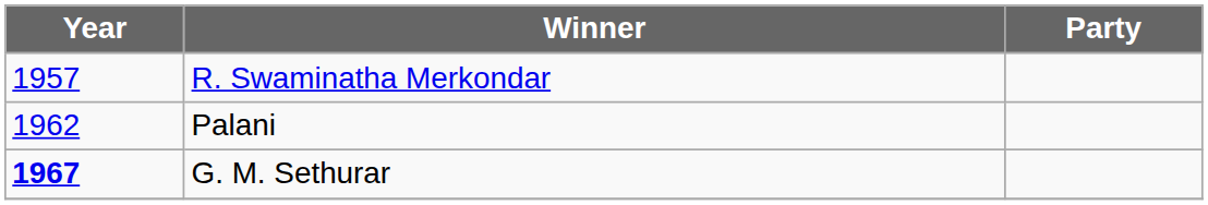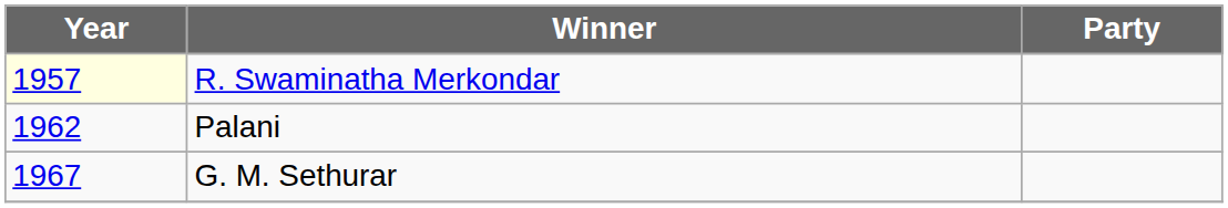 <table class="wikitable" width="50%">
 <tr>
 <th style="background-color:#666666; color:white">Year</th>
 <th style="background-color:#666666; color:white">Winner</th>
 <th style="background-color:#666666; color:white" colspan="2">Party</th>
 </tr>
 <tr>
-<td><a href='#'>1957</a></td>
+<td style="background: lightyellow;"><a href='#'>1957</a></td>
 <td><a href='#'>R. Swaminatha Merkondar</a></td>
 <td></td>
 </tr>
 <tr>
 <td><a href='#'>1962</a></td>
 <td>Palani</td>
 </tr>
 <tr>
-<td><strong><a href='#'>1967</a></strong></td>
+<td><a href='#'>1967</a></td>
 <td>G. M. Sethurar</td>
 <td></td>
 </tr>
 <tr>
 </tr>
 </table>
